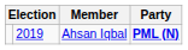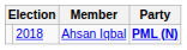 <table class="wikitable">
 <tr>
 <th colspan="2">Election</th>
 <th>Member</th>
 <th>Party</th>
 </tr>
 <tr>
 <td style="background-color: "></td>
-<td><a href='#'>2019</a></td>
+<td><a href='#'>2018</a></td>
 <td><a href='#'>Ahsan Iqbal</a></td>
 <td><strong><a href='#'>PML (N)</a></strong></td>
 </tr>
 </table>
